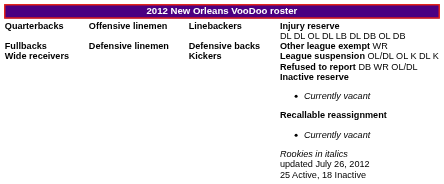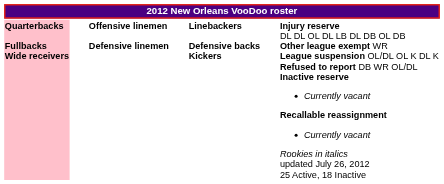 <table class="toccolours" style="text-align: left;">
 <tr>
 <th colspan=7 style="background:#4B0082; border: 2px solid #FF2400; color:white; text-align:center;"><strong>2012 New Orleans VooDoo roster</strong></th>
 </tr>
 <tr>
-<td style="font-size: 95%;" valign="top"><strong>Quarterbacks</strong><br>  <br><strong>Fullbacks</strong> <br><strong>Wide receivers</strong>     </td>
+<td style="background: pink; font-size: 95%;" valign="top"><strong>Quarterbacks</strong><br>  <br><strong>Fullbacks</strong> <br><strong>Wide receivers</strong>     </td>
 <td style="width: 25px;"></td>
 <td style="font-size: 95%;" valign="top"><strong>Offensive linemen</strong><br>   <br><strong>Defensive linemen</strong>     </td>
 <td style="width: 25px;"></td>
 <td style="font-size: 95%;" valign="top"><strong>Linebackers</strong><br><br><strong>Defensive backs</strong>     <br><strong>Kickers</strong> </td>
 <td style="width: 25px;"></td>
 <td style="font-size: 95%;" valign="top"><strong>Injury reserve</strong><br> DL  DL  OL  DL  LB  DL  DB  OL  DB<br><strong>Other league exempt</strong>  WR<br><strong>League suspension</strong>  OL/DL  OL  K  DL  K<br><strong>Refused to report</strong>  DB  WR  OL/DL<br><strong>Inactive reserve</strong><ul><li><em>Currently vacant</em></li></ul><strong>Recallable reassignment</strong><ul><li><em>Currently vacant</em></li></ul> <em>Rookies in italics</em><br> <span></span> updated July 26, 2012<br> 25 Active, 18 Inactive </td>
 </tr>
 <tr>
 </tr>
 </table>
